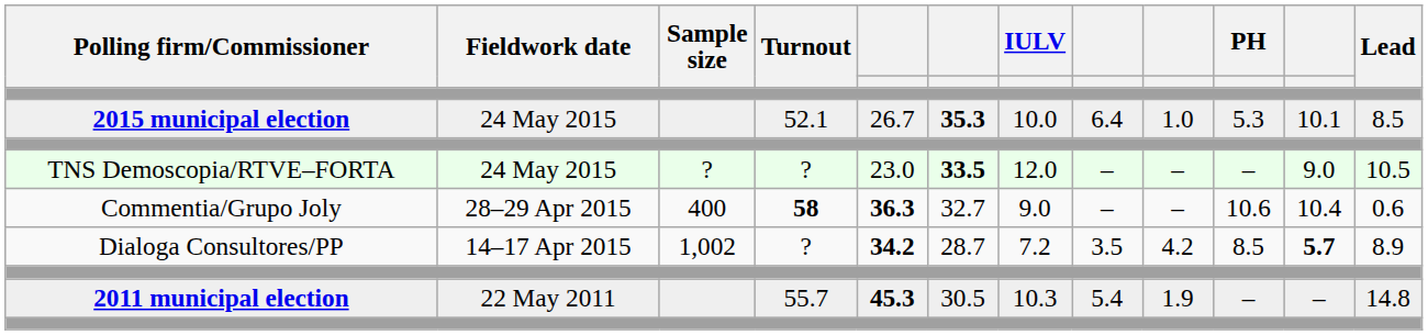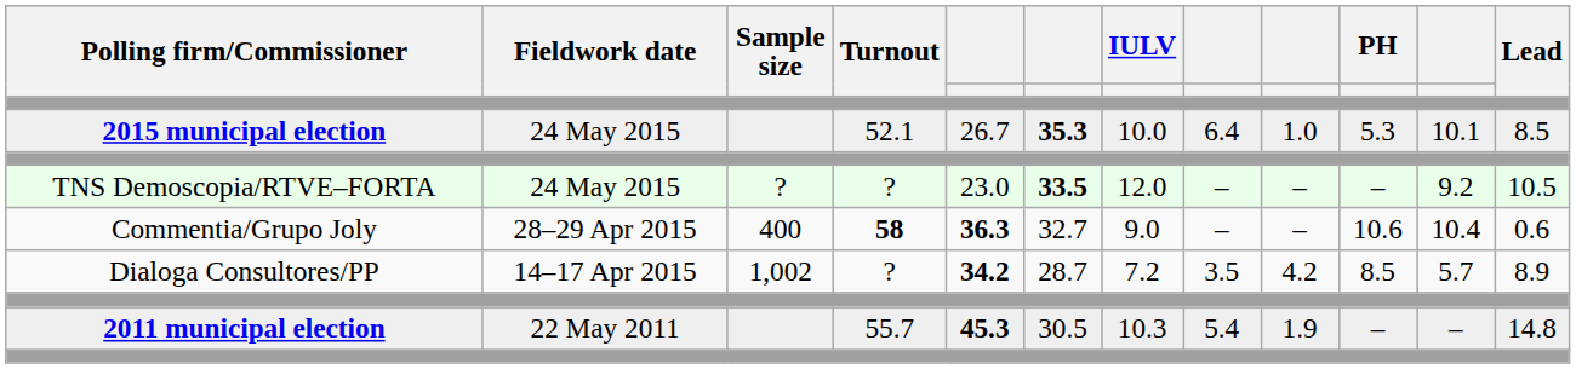 <table class="wikitable collapsible collapsed" style="text-align:center; font-size:95%; line-height:16px;">
 <tr style="height:42px;">
 <th style="width:250px;" rowspan="2">Polling firm/Commissioner</th>
 <th style="width:125px;" rowspan="2">Fieldwork date</th>
 <th style="width:50px;" rowspan="2">Sample size</th>
 <th style="width:45px;" rowspan="2">Turnout</th>
 <th style="width:35px;"></th>
 <th style="width:35px;"></th>
 <th style="width:35px;"><a href='#'>IULV</a></th>
 <th style="width:35px;"></th>
 <th style="width:35px;"></th>
 <th style="width:35px;">PH</th>
 <th style="width:35px;"></th>
 <th style="width:30px;" rowspan="2">Lead</th>
 </tr>
 <tr>
 <th style="color:inherit;background:"></th>
 <th style="color:inherit;background:"></th>
 <th style="color:inherit;background:"></th>
 <th style="color:inherit;background:"></th>
 <th style="color:inherit;background:"></th>
 <th style="color:inherit;background:"></th>
 <th style="color:inherit;background:"></th>
 </tr>
 <tr>
 <td colspan="12" style="background:#A0A0A0"></td>
 </tr>
 <tr style="background:#EFEFEF;">
 <td><strong><a href='#'>2015 municipal election</a></strong></td>
 <td>24 May 2015</td>
 <td></td>
 <td>52.1</td>
 <td>26.7<br></td>
 <td><strong>35.3</strong><br></td>
 <td>10.0<br></td>
 <td>6.4<br></td>
 <td>1.0<br></td>
 <td>5.3<br></td>
 <td>10.1<br></td>
 <td style="background:">8.5</td>
 </tr>
 <tr>
 <td colspan="12" style="background:#A0A0A0"></td>
 </tr>
 <tr style="background:#EAFFEA;">
 <td>TNS Demoscopia/RTVE–FORTA</td>
 <td>24 May 2015</td>
 <td>?</td>
 <td>?</td>
 <td>23.0<br></td>
 <td><strong>33.5</strong><br></td>
 <td>12.0<br></td>
 <td>–</td>
 <td>–</td>
 <td>–</td>
-<td>9.0<br></td>
+<td>9.2<br></td>
 <td style="background:">10.5</td>
 </tr>
 <tr>
 <td>Commentia/Grupo Joly</td>
 <td>28–29 Apr 2015</td>
 <td>400</td>
 <td><strong>58</strong></td>
 <td><strong>36.3</strong><br></td>
 <td>32.7<br></td>
 <td>9.0<br></td>
 <td>–</td>
 <td>–</td>
 <td>10.6<br></td>
 <td>10.4<br></td>
 <td style="background:">0.6</td>
 </tr>
 <tr>
 <td>Dialoga Consultores/PP</td>
 <td>14–17 Apr 2015</td>
 <td>1,002</td>
 <td>?</td>
 <td><strong>34.2</strong><br></td>
 <td>28.7<br></td>
 <td>7.2<br></td>
 <td>3.5<br></td>
 <td>4.2<br></td>
 <td>8.5<br></td>
-<td><strong>5.7<br></strong></td>
+<td>5.7<br></td>
 <td style="background:">8.9</td>
 </tr>
 <tr>
 <td colspan="12" style="background:#A0A0A0"></td>
 </tr>
 <tr style="background:#EFEFEF;">
 <td><strong><a href='#'>2011 municipal election</a></strong></td>
 <td>22 May 2011</td>
 <td></td>
 <td>55.7</td>
 <td><strong>45.3</strong><br></td>
 <td>30.5<br></td>
 <td>10.3<br></td>
 <td>5.4<br></td>
 <td>1.9<br></td>
 <td>–</td>
 <td>–</td>
 <td style="background:">14.8</td>
 </tr>
 <tr>
 <td colspan="12" style="background:#A0A0A0"></td>
 </tr>
 </table>
